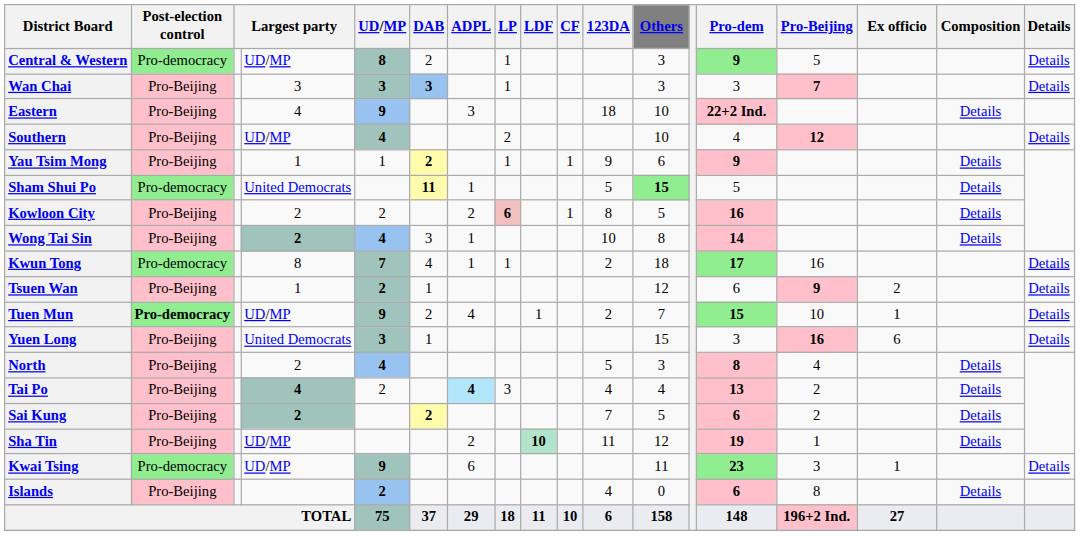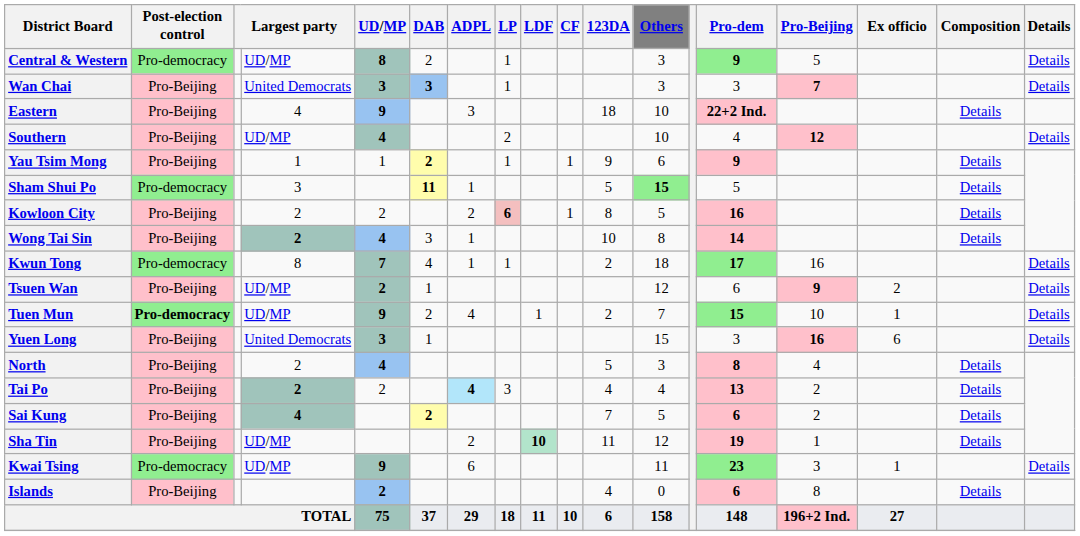 <table class="wikitable" style="text-align:center;font-size:75%">
 <tr>
 <th>District Board</th>
 <th>Post-election<br>control</th>
 <th colspan=2>Largest party</th>
 <th class="unsortable" style="background:"><a href='#'><span>UD</span></a><span>/</span><a href='#'><span>MP</span></a></th>
 <th class="unsortable" style="background:"><a href='#'><span>DAB</span></a></th>
 <th class="unsortable" style="background:"><a href='#'><span>ADPL</span></a></th>
 <th class="unsortable" style="background:"><a href='#'><span>LP</span></a></th>
 <th class="unsortable" style="background:"><a href='#'><span>LDF</span></a></th>
 <th class="unsortable" style="background:"><a href='#'><span>CF</span></a></th>
 <th class="unsortable" style="background:"><a href='#'><span>123DA</span></a></th>
 <th class="unsortable" style="background:gray; width:40px;"><a href='#'><span>Others</span></a></th>
 <th class="unsortable" rowspan=20></th>
 <th class="unsortable"  style="width:60px;"><a href='#'>Pro-dem</a></th>
 <th class="unsortable" style="width:60px;"><a href='#'>Pro-Beijing</a></th>
 <th class="unsortable" style="width:60px;">Ex officio</th>
 <th class="unsortable">Composition</th>
 <th class="unsortable">Details</th>
 </tr>
 <tr>
 <th scope="row" style="text-align: left;"><a href='#'>Central & Western</a></th>
 <td style="background-color:LightGreen">Pro-democracy</td>
 <td></td>
 <td align=left><a href='#'>UD</a>/<a href='#'>MP</a> </td>
 <td bgcolor=#a0c4bb><strong>8</strong></td>
 <td>2</td>
 <td></td>
 <td>1</td>
 <td></td>
 <td></td>
 <td></td>
 <td>3</td>
 <td bgcolor=LightGreen><strong>9</strong></td>
 <td>5</td>
 <td></td>
 <td></td>
 <td><a href='#'>Details</a></td>
 </tr>
 <tr>
 <th scope="row" style="text-align: left;"><a href='#'>Wan Chai</a></th>
 <td style="background-color:Pink">Pro-Beijing</td>
 <td></td>
-<td>3</td>
+<td align=left><a href='#'>United Democrats</a></td>
 <td bgcolor=#a0c4bb><strong>3</strong></td>
 <td bgcolor=#98c3f1><strong>3</strong></td>
 <td></td>
 <td>1</td>
 <td></td>
 <td></td>
 <td></td>
 <td>3</td>
 <td>3</td>
 <td bgcolor=Pink><strong>7</strong></td>
 <td></td>
 <td></td>
 <td><a href='#'>Details</a></td>
 </tr>
 <tr>
 <th scope="row" style="text-align: left;"><a href='#'>Eastern</a></th>
 <td style="background-color:Pink">Pro-Beijing</td>
 <td></td>
 <td>4</td>
 <td bgcolor=#98c3f1><strong>9</strong></td>
 <td></td>
 <td>3</td>
 <td></td>
 <td></td>
 <td></td>
 <td>18</td>
 <td>10</td>
 <td bgcolor=Pink><strong>22+2 Ind.</strong></td>
 <td></td>
 <td></td>
 <td><a href='#'>Details</a></td>
 </tr>
 <tr>
 <th scope="row" style="text-align: left;"><a href='#'>Southern</a></th>
 <td style="background-color:Pink">Pro-Beijing</td>
 <td></td>
 <td align=left><a href='#'>UD</a>/<a href='#'>MP</a></td>
 <td bgcolor=#a0c4bb><strong>4</strong></td>
 <td></td>
 <td></td>
 <td>2</td>
 <td></td>
 <td></td>
 <td></td>
 <td>10</td>
 <td>4</td>
 <td bgcolor=Pink><strong>12</strong></td>
 <td></td>
 <td></td>
 <td><a href='#'>Details</a></td>
 </tr>
 <tr>
 <th scope="row" style="text-align: left;"><a href='#'>Yau Tsim Mong</a></th>
 <td style="background-color:Pink">Pro-Beijing</td>
 <td></td>
 <td>1</td>
 <td>1</td>
 <td bgcolor=#fffdac><strong>2</strong></td>
 <td></td>
 <td>1</td>
 <td></td>
 <td>1</td>
 <td>9</td>
 <td>6</td>
 <td bgcolor=Pink><strong>9</strong></td>
 <td></td>
 <td></td>
 <td><a href='#'>Details</a></td>
 </tr>
 <tr>
 <th scope="row" style="text-align: left;"><a href='#'>Sham Shui Po</a></th>
 <td style="background-color:LightGreen">Pro-democracy</td>
 <td> </td>
-<td align=left><a href='#'>United Democrats</a></td>
+<td>3</td>
 <td></td>
 <td bgcolor=#fffdac><strong>11</strong></td>
 <td>1</td>
 <td></td>
 <td></td>
 <td></td>
 <td>5</td>
 <td bgcolor=LightGreen><strong>15</strong></td>
 <td>5</td>
 <td></td>
 <td></td>
 <td><a href='#'>Details</a></td>
 </tr>
 <tr>
 <th scope="row" style="text-align: left;"><a href='#'>Kowloon City</a></th>
 <td style="background-color:Pink">Pro-Beijing</td>
 <td></td>
 <td>2</td>
 <td>2</td>
 <td></td>
 <td>2</td>
 <td bgcolor=#f4bfbf><strong>6</strong></td>
 <td></td>
 <td>1</td>
 <td>8</td>
 <td>5</td>
 <td bgcolor=Pink><strong>16</strong></td>
 <td></td>
 <td></td>
 <td><a href='#'>Details</a></td>
 </tr>
 <tr>
 <th scope="row" style="text-align: left;"><a href='#'>Wong Tai Sin</a></th>
 <td style="background-color:Pink">Pro-Beijing</td>
 <td></td>
 <td bgcolor=#a0c4bb><strong>2</strong></td>
 <td bgcolor=#98c3f1><strong>4</strong></td>
 <td>3</td>
 <td>1</td>
 <td></td>
 <td></td>
 <td></td>
 <td>10</td>
 <td>8</td>
 <td bgcolor=Pink><strong>14</strong></td>
 <td></td>
 <td></td>
 <td><a href='#'>Details</a></td>
 </tr>
 <tr>
 <th scope="row" style="text-align: left;"><a href='#'>Kwun Tong</a></th>
 <td style="background-color:LightGreen">Pro-democracy</td>
 <td></td>
 <td>8</td>
 <td bgcolor=#a0c4bb><strong>7</strong></td>
 <td>4</td>
 <td>1</td>
 <td>1</td>
 <td></td>
 <td></td>
 <td>2</td>
 <td>18</td>
 <td bgcolor=lightgreen><strong>17</strong></td>
 <td>16</td>
 <td></td>
 <td></td>
 <td><a href='#'>Details</a></td>
 </tr>
 <tr>
 <th scope="row" style="text-align: left;"><a href='#'>Tsuen Wan</a></th>
 <td style="background-color:Pink">Pro-Beijing</td>
 <td></td>
-<td>1</td>
+<td align=left><a href='#'>UD</a>/<a href='#'>MP</a></td>
 <td bgcolor=#a0c4bb><strong>2</strong></td>
 <td>1</td>
 <td></td>
 <td></td>
 <td></td>
 <td></td>
 <td></td>
 <td>12</td>
 <td>6</td>
 <td bgcolor=Pink><strong>9</strong></td>
 <td>2</td>
 <td></td>
 <td><a href='#'>Details</a></td>
 </tr>
 <tr>
 <th scope="row" style="text-align: left;"><a href='#'>Tuen Mun</a></th>
 <td style="background-color:LightGreen"><strong>Pro-democracy</strong></td>
 <td></td>
 <td align=left><a href='#'>UD</a>/<a href='#'>MP</a></td>
 <td bgcolor=#a0c4bb><strong>9</strong></td>
 <td>2</td>
 <td>4</td>
 <td></td>
 <td>1</td>
 <td></td>
 <td>2</td>
 <td>7</td>
 <td bgcolor=LightGreen><strong>15</strong></td>
 <td>10</td>
 <td>1</td>
 <td></td>
 <td><a href='#'>Details</a></td>
 </tr>
 <tr>
 <th scope="row" style="text-align: left;"><a href='#'>Yuen Long</a></th>
 <td style="background-color:Pink">Pro-Beijing</td>
 <td></td>
 <td align=left><a href='#'>United Democrats</a></td>
 <td bgcolor=#a0c4bb><strong>3</strong></td>
 <td>1</td>
 <td></td>
 <td></td>
 <td></td>
 <td></td>
 <td></td>
 <td>15</td>
 <td>3</td>
 <td bgcolor=Pink><strong>16</strong></td>
 <td>6</td>
 <td></td>
 <td><a href='#'>Details</a></td>
 </tr>
 <tr>
 <th scope="row" style="text-align: left;"><a href='#'>North</a></th>
 <td style="background-color:Pink">Pro-Beijing</td>
 <td></td>
 <td>2</td>
 <td bgcolor=#98c3f1><strong>4</strong></td>
 <td></td>
 <td></td>
 <td></td>
 <td></td>
 <td></td>
 <td>5</td>
 <td>3</td>
 <td bgcolor=Pink><strong>8</strong></td>
 <td>4</td>
 <td></td>
 <td><a href='#'>Details</a></td>
 </tr>
 <tr>
 <th scope="row" style="text-align: left;"><a href='#'>Tai Po</a></th>
 <td style="background-color:Pink">Pro-Beijing</td>
 <td></td>
-<td bgcolor=#a0c4bb><strong>4</strong></td>
+<td bgcolor=#a0c4bb><strong>2</strong></td>
 <td>2</td>
 <td></td>
 <td bgcolor=#b2e6fa><strong>4</strong></td>
 <td>3</td>
 <td></td>
 <td></td>
 <td>4</td>
 <td>4</td>
 <td bgcolor=Pink><strong>13</strong></td>
 <td>2</td>
 <td></td>
 <td><a href='#'>Details</a></td>
 </tr>
 <tr>
 <th scope="row" style="text-align: left;"><a href='#'>Sai Kung</a></th>
 <td style="background-color:Pink">Pro-Beijing</td>
 <td></td>
-<td bgcolor=#a0c4bb><strong>2</strong></td>
+<td bgcolor=#a0c4bb><strong>4</strong></td>
 <td></td>
 <td bgcolor=#fffdac><strong>2</strong></td>
 <td></td>
 <td></td>
 <td></td>
 <td></td>
 <td>7</td>
 <td>5</td>
 <td bgcolor=pink><strong>6</strong></td>
 <td>2</td>
 <td></td>
 <td><a href='#'>Details</a></td>
 </tr>
 <tr>
 <th scope="row" style="text-align: left;"><a href='#'>Sha Tin</a></th>
 <td style="background-color:Pink">Pro-Beijing</td>
 <td></td>
 <td align=left><a href='#'>UD</a>/<a href='#'>MP</a></td>
 <td></td>
 <td></td>
 <td>2</td>
 <td></td>
 <td bgcolor=#b2e4cb><strong>10</strong></td>
 <td></td>
 <td>11</td>
 <td>12</td>
 <td bgcolor=Pink><strong>19</strong></td>
 <td>1</td>
 <td></td>
 <td><a href='#'>Details</a></td>
 </tr>
 <tr>
 <th scope="row" style="text-align: left;"><a href='#'>Kwai Tsing</a></th>
 <td style="background-color:LightGreen">Pro-democracy</td>
 <td></td>
 <td align=left><a href='#'>UD</a>/<a href='#'>MP</a></td>
 <td bgcolor=#a0c4bb><strong>9</strong></td>
 <td></td>
 <td>6</td>
 <td></td>
 <td></td>
 <td></td>
 <td></td>
 <td>11</td>
 <td bgcolor=LightGreen><strong>23</strong></td>
 <td>3</td>
 <td>1</td>
 <td></td>
 <td><a href='#'>Details</a></td>
 </tr>
 <tr>
 <th scope="row" style="text-align: left;"><a href='#'>Islands</a></th>
 <td style="background-color:Pink">Pro-Beijing</td>
 <td></td>
 <td></td>
 <td bgcolor=#98c3f1><strong>2</strong></td>
 <td></td>
 <td></td>
 <td></td>
 <td></td>
 <td></td>
 <td>4</td>
 <td>0</td>
 <td bgcolor=Pink><strong>6</strong></td>
 <td>8</td>
 <td></td>
 <td><a href='#'>Details</a></td>
 </tr>
 <tr bgcolor=#EAECF0>
 <th scope="row" style="text-align: right;" colspan=4>TOTAL</th>
 <td bgcolor=#a0c4bb><strong>75</strong></td>
 <td><strong>37</strong></td>
 <td><strong>29</strong></td>
 <td><strong>18</strong></td>
 <td><strong>11</strong></td>
 <td><strong>10</strong></td>
 <td><strong>6</strong></td>
 <td><strong>158</strong></td>
 <td><strong>148</strong></td>
 <td bgcolor=Pink><strong>196+2 Ind.</strong></td>
 <td><strong>27</strong></td>
 <td></td>
 <td></td>
 </tr>
 <tr>
 </tr>
 </table>
